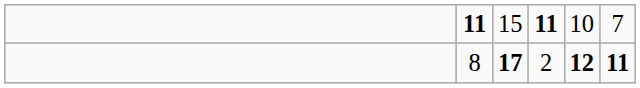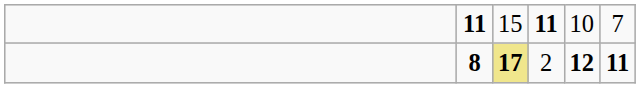 <table class="wikitable">
 <tr>
 <td style="width:18em"></td>
 <td align=center style="width:1em"><strong>11</strong></td>
 <td align=center style="width:1em">15</td>
 <td align=center style="width:1em"><strong>11</strong></td>
 <td align=center style="width:1em">10</td>
 <td align=center style="width:1em">7</td>
 </tr>
 <tr>
 <td style="width:18em"><strong></strong></td>
-<td align=center style="width:1em">8</td>
-<td align=center style="width:1em"><strong>17</strong></td>
+<td align=center style="width:1em"><strong>8</strong></td>
+<td align=center style="background: khaki; width:1em"><strong>17</strong></td>
 <td align=center style="width:1em">2</td>
 <td align=center style="width:1em"><strong>12</strong></td>
 <td align=center style="width:1em"><strong>11</strong></td>
 </tr>
 </table>
